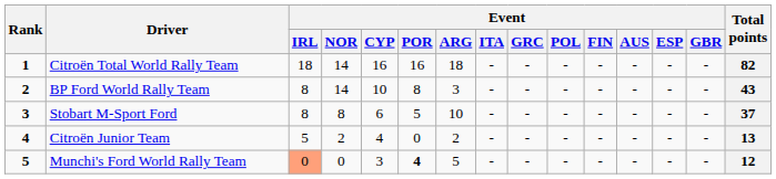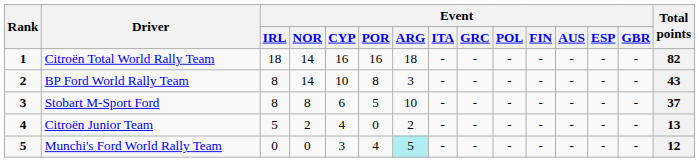 <table class="wikitable" style="text-align:center; font-size:90%;">
 <tr>
 <th rowspan=2>Rank</th>
 <th rowspan=2 style="width:16em">Driver</th>
 <th colspan=12>Event</th>
 <th rowspan=2>Total<br>points</th>
 </tr>
 <tr valign="top">
 <th><a href='#'>IRL</a><br></th>
 <th><a href='#'>NOR</a><br></th>
 <th><a href='#'>CYP</a><br></th>
 <th><a href='#'>POR</a><br></th>
 <th><a href='#'>ARG</a><br></th>
 <th><a href='#'>ITA</a><br></th>
 <th><a href='#'>GRC</a><br></th>
 <th><a href='#'>POL</a><br></th>
 <th><a href='#'>FIN</a><br></th>
 <th><a href='#'>AUS</a><br></th>
 <th><a href='#'>ESP</a><br></th>
 <th><a href='#'>GBR</a><br></th>
 </tr>
 <tr>
 <td><strong>1</strong></td>
 <td align="left"> <a href='#'>Citroën Total World Rally Team</a></td>
 <td>18</td>
 <td>14</td>
 <td>16</td>
 <td>16</td>
 <td>18</td>
 <td>-</td>
 <td>-</td>
 <td>-</td>
 <td>-</td>
 <td>-</td>
 <td>-</td>
 <td>-</td>
 <th>82</th>
 </tr>
 <tr>
 <td><strong>2</strong></td>
 <td align="left"> <a href='#'>BP Ford World Rally Team</a></td>
 <td>8</td>
 <td>14</td>
 <td>10</td>
 <td>8</td>
 <td>3</td>
 <td>-</td>
 <td>-</td>
 <td>-</td>
 <td>-</td>
 <td>-</td>
 <td>-</td>
 <td>-</td>
 <th>43</th>
 </tr>
 <tr>
 <td><strong>3</strong></td>
 <td align="left"> <a href='#'>Stobart M-Sport Ford</a></td>
 <td>8</td>
 <td>8</td>
 <td>6</td>
 <td>5</td>
 <td>10</td>
 <td>-</td>
 <td>-</td>
 <td>-</td>
 <td>-</td>
 <td>-</td>
 <td>-</td>
 <td>-</td>
 <th>37</th>
 </tr>
 <tr>
 <td><strong>4</strong></td>
 <td align="left"> <a href='#'>Citroën Junior Team</a></td>
 <td>5</td>
 <td>2</td>
 <td>4</td>
 <td>0</td>
 <td>2</td>
 <td>-</td>
 <td>-</td>
 <td>-</td>
 <td>-</td>
 <td>-</td>
 <td>-</td>
 <td>-</td>
 <th>13</th>
 </tr>
 <tr>
 <td><strong>5</strong></td>
 <td align="left"> <a href='#'>Munchi's Ford World Rally Team</a></td>
-<td style="background: lightsalmon;">0</td>
+<td>0</td>
 <td>0</td>
 <td>3</td>
-<td><strong>4</strong></td>
-<td>5</td>
+<td>4</td>
+<td style="background: paleturquoise;">5</td>
 <td>-</td>
 <td>-</td>
 <td>-</td>
 <td>-</td>
 <td>-</td>
 <td>-</td>
 <td>-</td>
 <th>12</th>
 </tr>
 </table>
